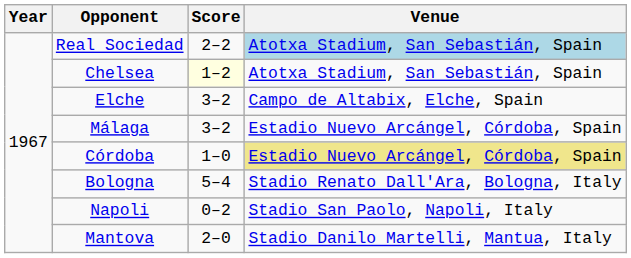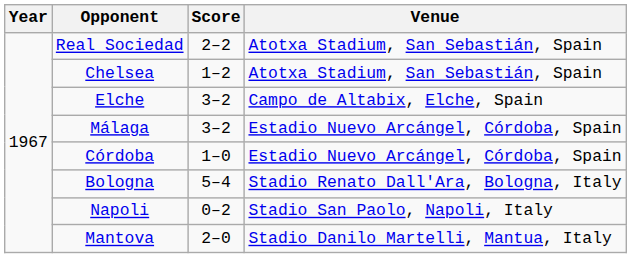 <table class="wikitable" style="font-size: 90%; text-align:left">
 <tr>
 <th>Year</th>
 <th>Opponent</th>
 <th>Score</th>
 <th>Venue</th>
 </tr>
 <tr>
 <td rowspan=8>1967</td>
 <td align=center> <a href='#'>Real Sociedad</a></td>
 <td align=center>2–2</td>
-<td style="background: lightblue;"><a href='#'>Atotxa Stadium</a>, <a href='#'>San Sebastián</a>, Spain</td>
+<td><a href='#'>Atotxa Stadium</a>, <a href='#'>San Sebastián</a>, Spain</td>
 </tr>
 <tr>
 <td align=center> <a href='#'>Chelsea</a></td>
-<td align=center style="background: lightyellow;">1–2</td>
+<td align=center>1–2</td>
 <td> <a href='#'>Atotxa Stadium</a>, <a href='#'>San Sebastián</a>, Spain</td>
 </tr>
 <tr>
 <td align=center> <a href='#'>Elche</a></td>
 <td align=center>3–2</td>
 <td><a href='#'>Campo de Altabix</a>, <a href='#'>Elche</a>, Spain</td>
 </tr>
 <tr>
 <td align=center> <a href='#'>Málaga</a></td>
 <td align=center>3–2</td>
 <td><a href='#'>Estadio Nuevo Arcángel</a>, <a href='#'>Córdoba</a>, Spain</td>
 </tr>
 <tr>
 <td align=center> <a href='#'>Córdoba</a></td>
 <td align=center>1–0</td>
-<td style="background: khaki;"><a href='#'>Estadio Nuevo Arcángel</a>, <a href='#'>Córdoba</a>, Spain</td>
+<td><a href='#'>Estadio Nuevo Arcángel</a>, <a href='#'>Córdoba</a>, Spain</td>
 </tr>
 <tr>
 <td align=center> <a href='#'>Bologna</a></td>
 <td align=center>5–4</td>
 <td><a href='#'>Stadio Renato Dall'Ara</a>, <a href='#'>Bologna</a>, Italy</td>
 </tr>
 <tr>
 <td align=center> <a href='#'>Napoli</a></td>
 <td align=center>0–2</td>
 <td><a href='#'>Stadio San Paolo</a>, <a href='#'>Napoli</a>, Italy</td>
 </tr>
 <tr>
 <td align=center> <a href='#'>Mantova</a></td>
 <td align=center>2–0</td>
 <td><a href='#'>Stadio Danilo Martelli</a>, <a href='#'>Mantua</a>, Italy</td>
 </tr>
 </table>
